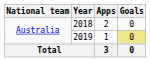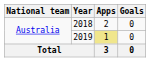 <table class="wikitable" style="text-align:center">
 <tr>
 <th>National team</th>
 <th>Year</th>
 <th>Apps</th>
 <th>Goals</th>
 </tr>
 <tr>
 <td rowspan="2"><a href='#'>Australia</a></td>
 <td>2018</td>
 <td>2</td>
 <td>0</td>
 </tr>
 <tr>
 <td>2019</td>
-<td>1</td>
-<td style="background: khaki;">0</td>
+<td style="background: khaki;">1</td>
+<td>0</td>
 </tr>
 <tr>
 <th colspan="2">Total</th>
 <th>3</th>
 <th>0</th>
 </tr>
 </table>
